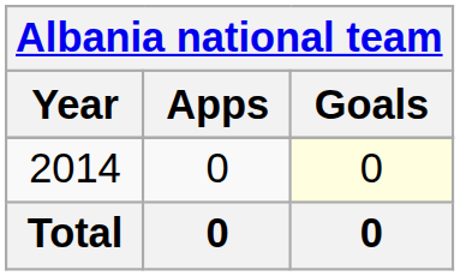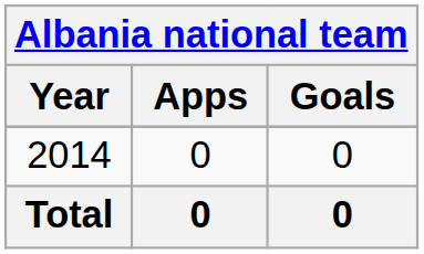 <table class="wikitable" style="text-align:center">
 <tr>
 <th colspan=3><a href='#'>Albania national team</a></th>
 </tr>
 <tr>
 <th>Year</th>
 <th>Apps</th>
 <th>Goals</th>
 </tr>
 <tr>
 </tr>
 <tr>
 <td>2014</td>
 <td>0</td>
-<td style="background: lightyellow;">0</td>
+<td>0</td>
 </tr>
 <tr>
 <th>Total</th>
 <th>0</th>
 <th>0</th>
 </tr>
 </table>
